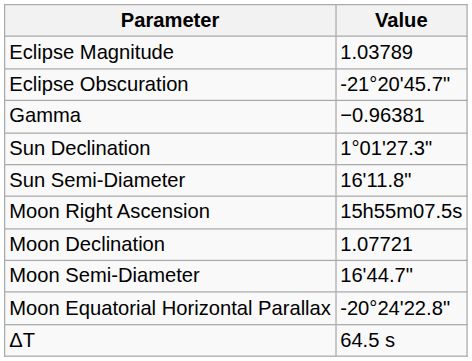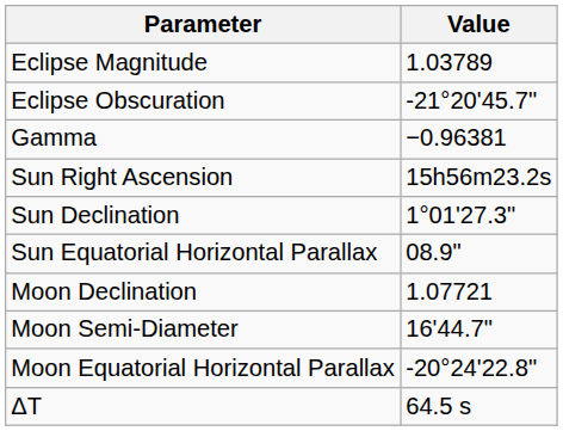 <table class="wikitable">
 <tr>
 <th>Parameter</th>
 <th>Value</th>
 </tr>
 <tr>
 <td>Eclipse Magnitude</td>
 <td>1.03789</td>
 </tr>
 <tr>
 <td>Eclipse Obscuration</td>
 <td>-21°20'45.7"</td>
 </tr>
 <tr>
 <td>Gamma</td>
 <td>−0.96381</td>
 </tr>
 <tr>
+<td>Sun Right Ascension</td>
+<td>15h56m23.2s</td>
+</tr>
+<tr>
 <td>Sun Declination</td>
 <td>1°01'27.3"</td>
 </tr>
 <tr>
-<td>Sun Semi-Diameter</td>
-<td>16'11.8"</td>
-</tr>
-<tr>
-<td>Moon Right Ascension</td>
-<td>15h55m07.5s</td>
+<td>Sun Equatorial Horizontal Parallax</td>
+<td>08.9"</td>
 </tr>
 <tr>
 <td>Moon Declination</td>
 <td>1.07721</td>
 </tr>
 <tr>
 <td>Moon Semi-Diameter</td>
 <td>16'44.7"</td>
 </tr>
 <tr>
 <td>Moon Equatorial Horizontal Parallax</td>
 <td>-20°24'22.8"</td>
 </tr>
 <tr>
 <td>ΔT</td>
 <td>64.5 s</td>
 </tr>
 </table>
